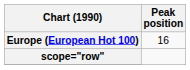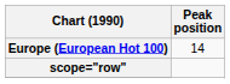 <table class="wikitable plainrowheaders sortable" style="text-align:center;">
 <tr>
 <th>Chart (1990)</th>
 <th>Peak<br>position</th>
 </tr>
 <tr>
 <th scope="row">Europe (<a href='#'>European Hot 100</a>)</th>
-<td align="center">16</td>
+<td align="center">14</td>
 </tr>
 <tr>
 <th>scope="row"</th>
 </tr>
 <tr>
 </tr>
 </table>
